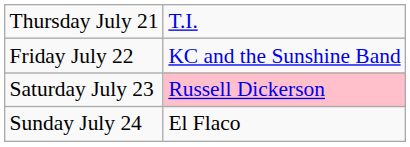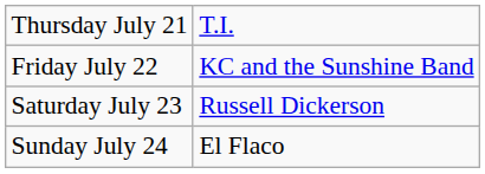 <table class="wikitable">
 <tr>
 <td>Thursday July 21</td>
 <td><a href='#'>T.I.</a></td>
 </tr>
 <tr>
 <td>Friday July 22</td>
 <td><a href='#'>KC and the Sunshine Band</a></td>
 </tr>
 <tr>
 <td>Saturday July 23</td>
-<td style="background: pink;"><a href='#'>Russell Dickerson</a></td>
+<td><a href='#'>Russell Dickerson</a></td>
 </tr>
 <tr>
 <td>Sunday July 24</td>
 <td>El Flaco</td>
 </tr>
 </table>
